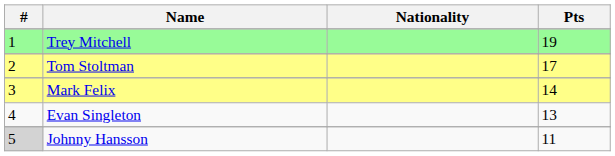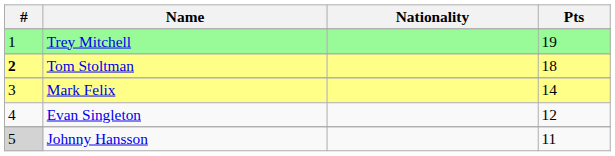 <table class="wikitable" style="display: inline-table; width: 50%;">
 <tr>
 <th>#</th>
 <th>Name</th>
 <th>Nationality</th>
 <th>Pts</th>
 </tr>
 <tr>
 </tr>
 <tr style="background:palegreen">
 <td>1</td>
 <td><a href='#'>Trey Mitchell</a></td>
 <td></td>
 <td>19</td>
 </tr>
 <tr>
 </tr>
 <tr style="background:#ff8">
-<td>2</td>
+<td><strong>2</strong></td>
 <td><a href='#'>Tom Stoltman</a></td>
 <td></td>
-<td>17</td>
+<td>18</td>
 </tr>
 <tr>
 </tr>
 <tr style="background:#ff8">
 <td>3</td>
 <td><a href='#'>Mark Felix</a></td>
 <td></td>
 <td>14</td>
 </tr>
 <tr>
 <td>4</td>
 <td><a href='#'>Evan Singleton</a></td>
 <td></td>
-<td>13</td>
+<td>12</td>
 </tr>
 <tr>
 </tr>
 <tr>
 <td style="background: lightgrey;">5</td>
 <td><a href='#'>Johnny Hansson</a></td>
 <td></td>
 <td>11</td>
 </tr>
 </table>
